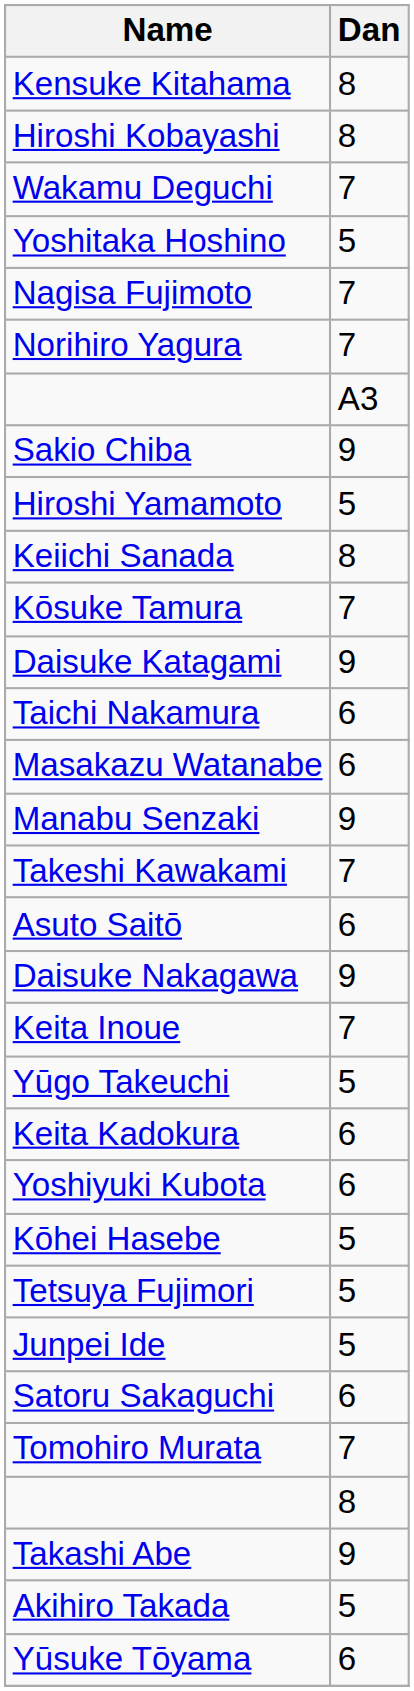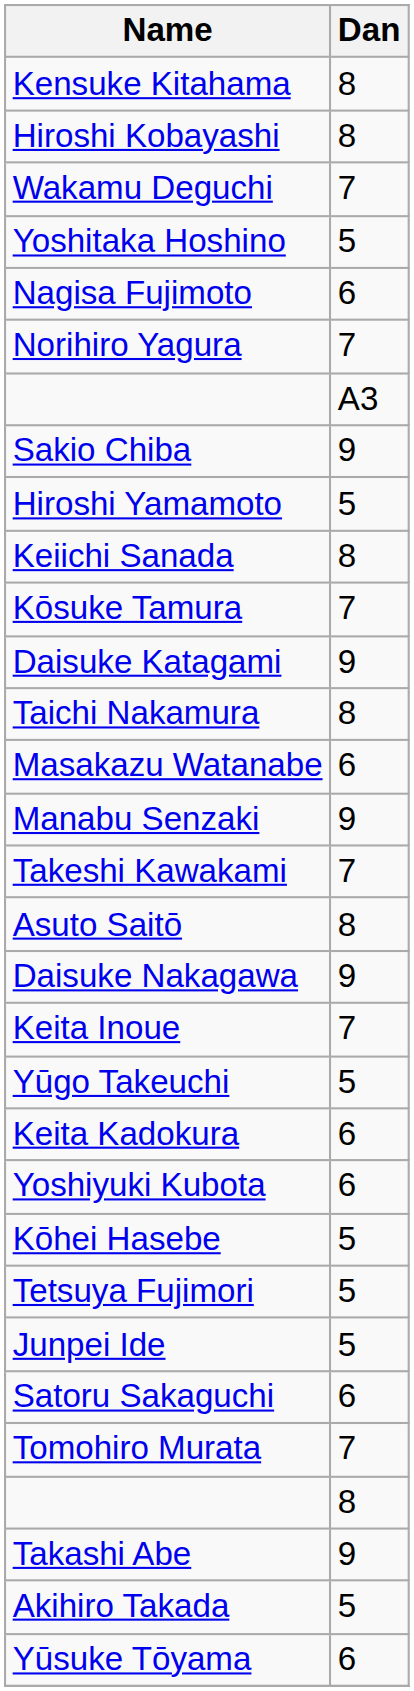 <table class='wikitable' style="margin-right: 1.1em">
 <tr>
 <th>Name</th>
 <th>Dan</th>
 </tr>
 <tr>
 <td><a href='#'>Kensuke Kitahama</a></td>
 <td>8</td>
 </tr>
 <tr>
 <td><a href='#'>Hiroshi Kobayashi</a></td>
 <td>8</td>
 </tr>
 <tr>
 <td><a href='#'>Wakamu Deguchi</a></td>
 <td>7</td>
 </tr>
 <tr>
 <td><a href='#'>Yoshitaka Hoshino</a></td>
 <td>5</td>
 </tr>
 <tr>
 <td><a href='#'>Nagisa Fujimoto</a></td>
-<td>7</td>
+<td>6</td>
 </tr>
 <tr>
 <td><a href='#'>Norihiro Yagura</a></td>
 <td>7</td>
 </tr>
 <tr>
 <td></td>
 <td>A3</td>
 </tr>
 <tr>
 <td><a href='#'>Sakio Chiba</a></td>
 <td>9</td>
 </tr>
 <tr>
 <td><a href='#'>Hiroshi Yamamoto</a></td>
 <td>5</td>
 </tr>
 <tr>
 <td><a href='#'>Keiichi Sanada</a></td>
 <td>8</td>
 </tr>
 <tr>
 <td><a href='#'>Kōsuke Tamura</a></td>
 <td>7</td>
 </tr>
 <tr>
 <td><a href='#'>Daisuke Katagami</a></td>
 <td>9</td>
 </tr>
 <tr>
 <td><a href='#'>Taichi Nakamura</a></td>
-<td>6</td>
+<td>8</td>
 </tr>
 <tr>
 <td><a href='#'>Masakazu Watanabe</a></td>
 <td>6</td>
 </tr>
 <tr>
 <td><a href='#'>Manabu Senzaki</a></td>
 <td>9</td>
 </tr>
 <tr>
 <td><a href='#'>Takeshi Kawakami</a></td>
 <td>7</td>
 </tr>
 <tr>
 <td><a href='#'>Asuto Saitō</a></td>
-<td>6</td>
+<td>8</td>
 </tr>
 <tr>
 <td><a href='#'>Daisuke Nakagawa</a></td>
 <td>9</td>
 </tr>
 <tr>
 <td><a href='#'>Keita Inoue</a></td>
 <td>7</td>
 </tr>
 <tr>
 <td><a href='#'>Yūgo Takeuchi</a></td>
 <td>5</td>
 </tr>
 <tr>
 <td><a href='#'>Keita Kadokura</a></td>
 <td>6</td>
 </tr>
 <tr>
 <td><a href='#'>Yoshiyuki Kubota</a></td>
 <td>6</td>
 </tr>
 <tr>
 <td><a href='#'>Kōhei Hasebe</a></td>
 <td>5</td>
 </tr>
 <tr>
 <td><a href='#'>Tetsuya Fujimori</a></td>
 <td>5</td>
 </tr>
 <tr>
 <td><a href='#'>Junpei Ide</a></td>
 <td>5</td>
 </tr>
 <tr>
 <td><a href='#'>Satoru Sakaguchi</a></td>
 <td>6</td>
 </tr>
 <tr>
 <td><a href='#'>Tomohiro Murata</a></td>
 <td>7</td>
 </tr>
 <tr>
 <td></td>
 <td>8</td>
 </tr>
 <tr>
 <td><a href='#'>Takashi Abe</a></td>
 <td>9</td>
 </tr>
 <tr>
 <td><a href='#'>Akihiro Takada</a></td>
 <td>5</td>
 </tr>
 <tr>
 <td><a href='#'>Yūsuke Tōyama</a></td>
 <td>6</td>
 </tr>
 <tr>
 </tr>
 </table>
